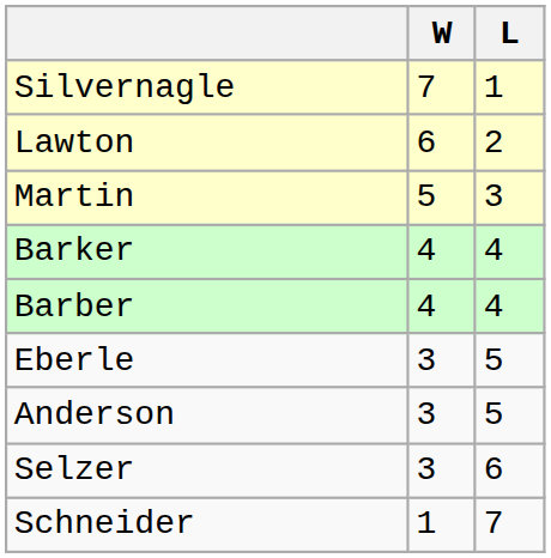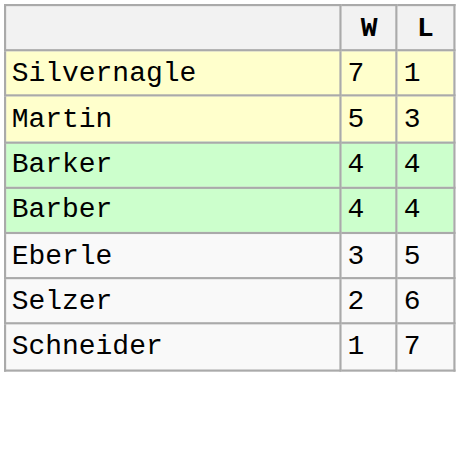 <table class=wikitable>
 <tr>
 <th width=150></th>
 <th width=20>W</th>
 <th width=20>L</th>
 </tr>
 <tr style="background:#ffffcc;">
 <td>Silvernagle</td>
 <td>7</td>
 <td>1</td>
-</tr>
-<tr style="background:#ffffcc;">
-<td>Lawton</td>
-<td>6</td>
-<td>2</td>
 </tr>
 <tr style="background:#ffffcc;">
 <td>Martin</td>
 <td>5</td>
 <td>3</td>
 </tr>
 <tr style="background:#ccffcc;">
 <td>Barker</td>
 <td>4</td>
 <td>4</td>
 </tr>
 <tr style="background:#ccffcc;">
 <td>Barber</td>
 <td>4</td>
 <td>4</td>
 </tr>
 <tr>
 <td>Eberle</td>
 <td>3</td>
 <td>5</td>
 </tr>
 <tr>
-<td>Anderson</td>
-<td>3</td>
-<td>5</td>
-</tr>
-<tr>
 <td>Selzer</td>
-<td>3</td>
+<td>2</td>
 <td>6</td>
 </tr>
 <tr>
 <td>Schneider</td>
 <td>1</td>
 <td>7</td>
 </tr>
 </table>
